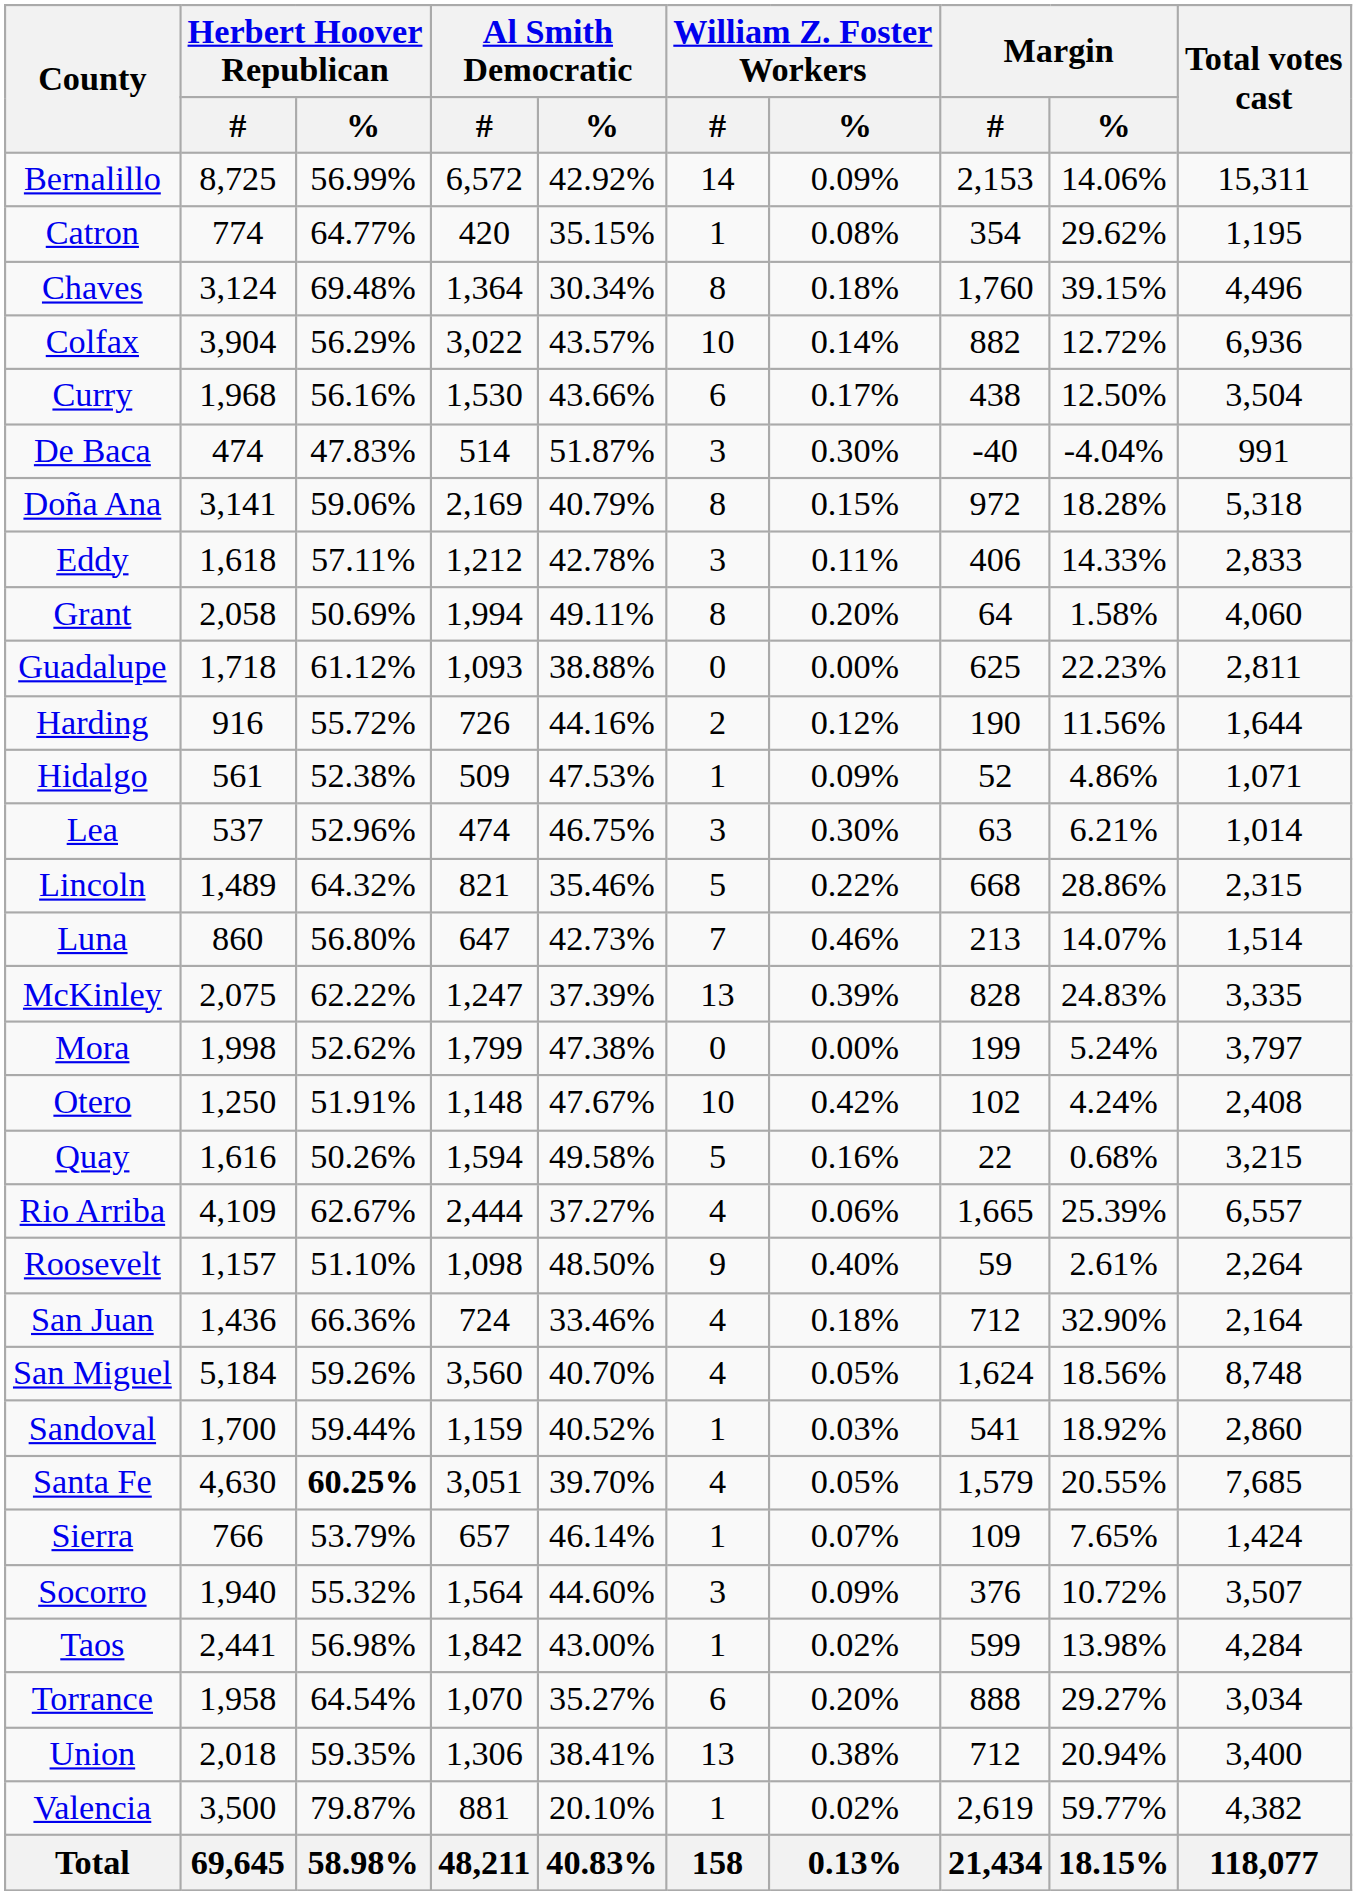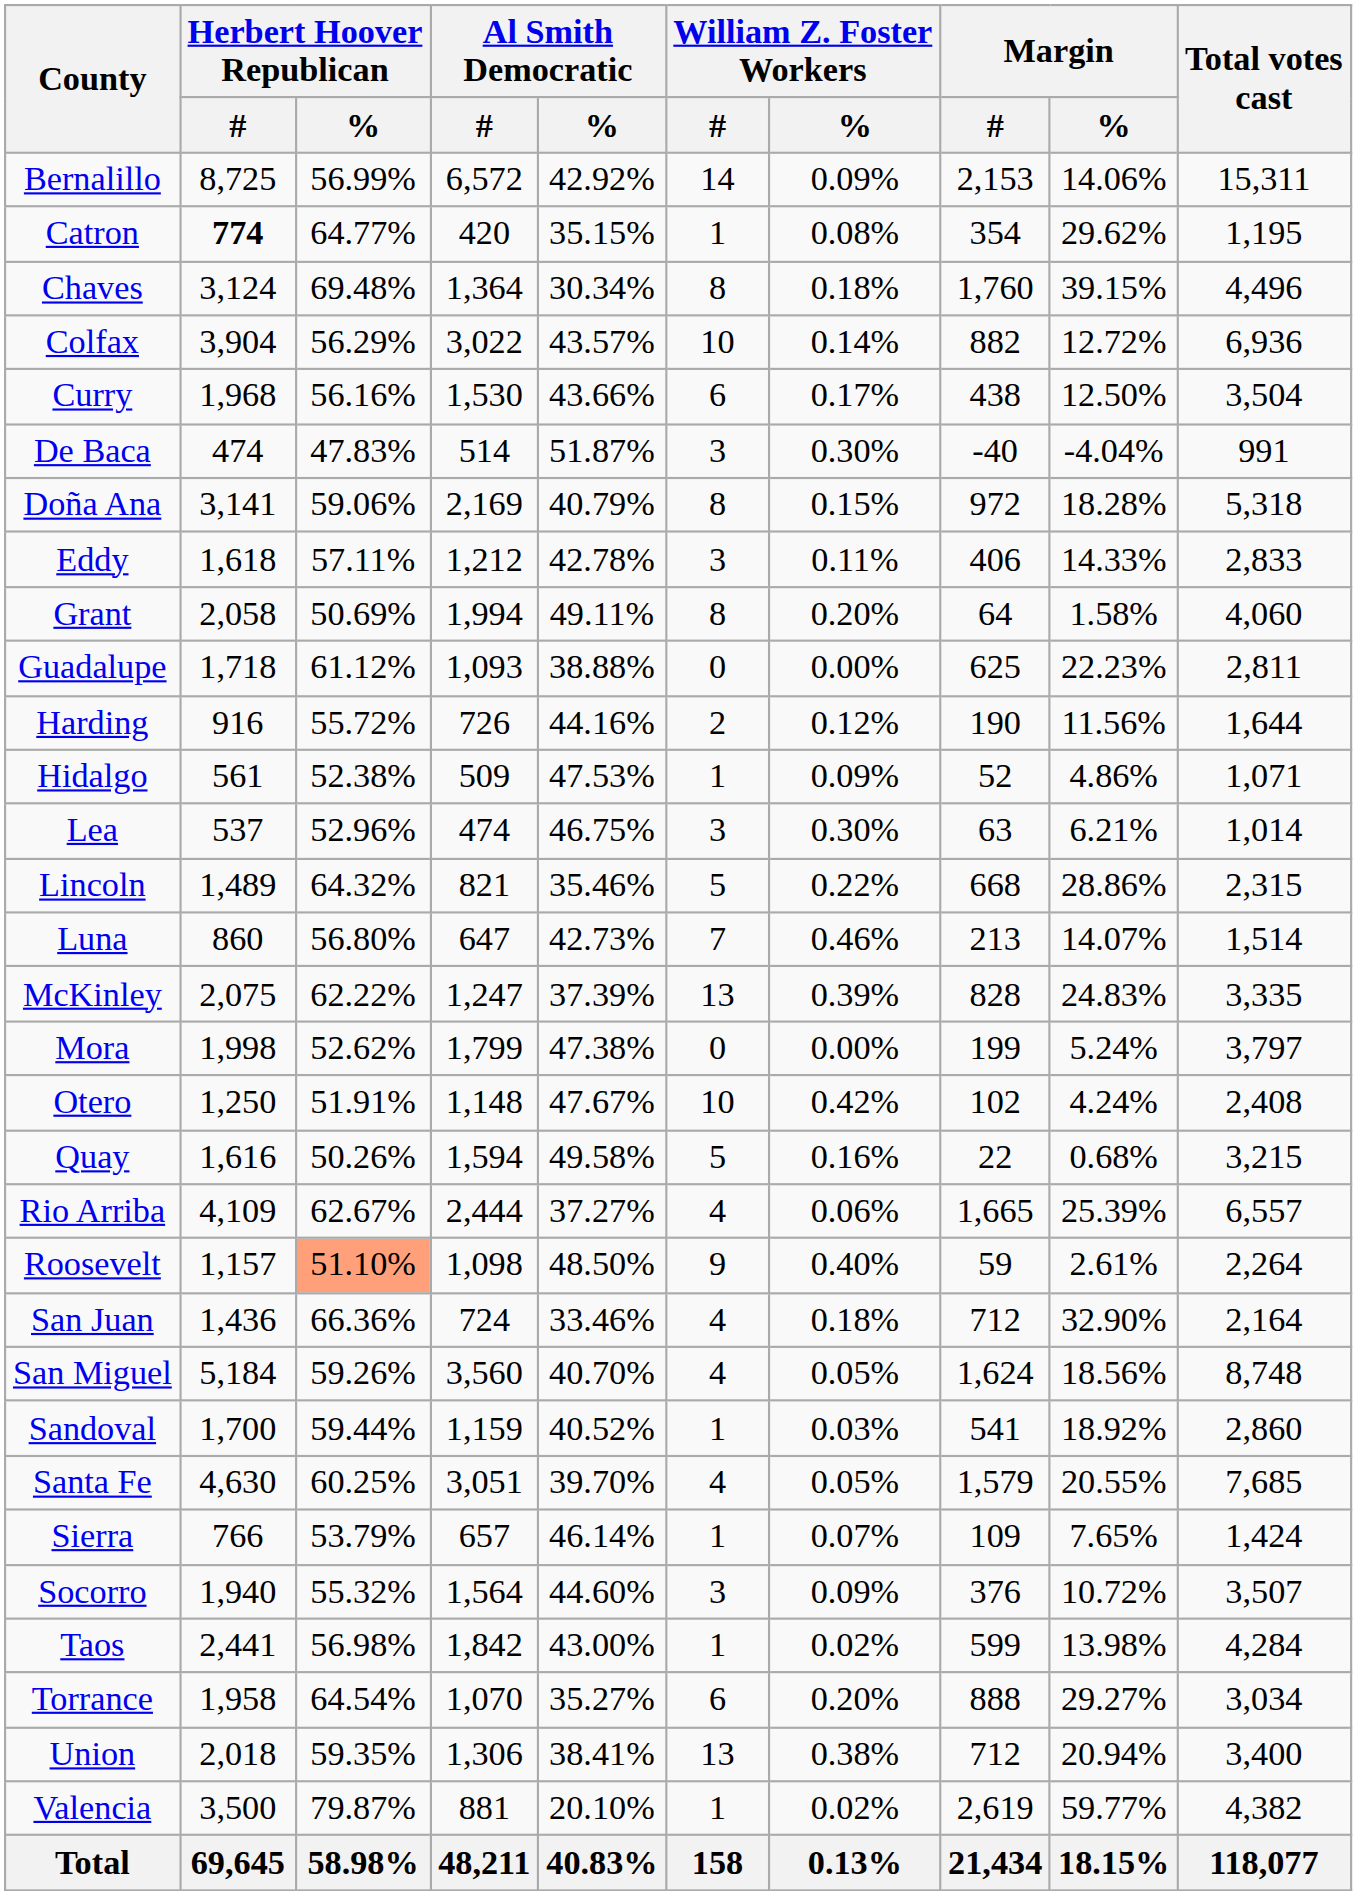 <table class="wikitable sortable" style="text-align:center">
 <tr>
 <th style="text-align:center;" rowspan="2">County</th>
 <th style="text-align:center;" colspan="2"><a href='#'>Herbert Hoover</a><br>Republican</th>
 <th style="text-align:center;" colspan="2"><a href='#'>Al Smith</a><br>Democratic</th>
 <th style="text-align:center;" colspan="2"><a href='#'>William Z. Foster</a><br>Workers</th>
 <th style="text-align:center;" colspan="2">Margin</th>
 <th style="text-align:center;" rowspan="2">Total votes<br> cast</th>
 </tr>
 <tr>
 <th style="text-align:center;" data-sort-type="number">#</th>
 <th style="text-align:center;" data-sort-type="number">%</th>
 <th style="text-align:center;" data-sort-type="number">#</th>
 <th style="text-align:center;" data-sort-type="number">%</th>
 <th style="text-align:center;" data-sort-type="number">#</th>
 <th style="text-align:center;" data-sort-type="number">%</th>
 <th style="text-align:center;" data-sort-type="number">#</th>
 <th style="text-align:center;" data-sort-type="number">%</th>
 </tr>
 <tr style="text-align:center;">
 <td><a href='#'>Bernalillo</a></td>
 <td>8,725</td>
 <td>56.99%</td>
 <td>6,572</td>
 <td>42.92%</td>
 <td>14</td>
 <td>0.09%</td>
 <td>2,153</td>
 <td>14.06%</td>
 <td>15,311</td>
 </tr>
 <tr style="text-align:center;">
 <td><a href='#'>Catron</a></td>
-<td>774</td>
+<td><strong>774</strong></td>
 <td>64.77%</td>
 <td>420</td>
 <td>35.15%</td>
 <td>1</td>
 <td>0.08%</td>
 <td>354</td>
 <td>29.62%</td>
 <td>1,195</td>
 </tr>
 <tr style="text-align:center;">
 <td><a href='#'>Chaves</a></td>
 <td>3,124</td>
 <td>69.48%</td>
 <td>1,364</td>
 <td>30.34%</td>
 <td>8</td>
 <td>0.18%</td>
 <td>1,760</td>
 <td>39.15%</td>
 <td>4,496</td>
 </tr>
 <tr style="text-align:center;">
 <td><a href='#'>Colfax</a></td>
 <td>3,904</td>
 <td>56.29%</td>
 <td>3,022</td>
 <td>43.57%</td>
 <td>10</td>
 <td>0.14%</td>
 <td>882</td>
 <td>12.72%</td>
 <td>6,936</td>
 </tr>
 <tr style="text-align:center;">
 <td><a href='#'>Curry</a></td>
 <td>1,968</td>
 <td>56.16%</td>
 <td>1,530</td>
 <td>43.66%</td>
 <td>6</td>
 <td>0.17%</td>
 <td>438</td>
 <td>12.50%</td>
 <td>3,504</td>
 </tr>
 <tr style="text-align:center;">
 <td><a href='#'>De Baca</a></td>
 <td>474</td>
 <td>47.83%</td>
 <td>514</td>
 <td>51.87%</td>
 <td>3</td>
 <td>0.30%</td>
 <td>-40</td>
 <td>-4.04%</td>
 <td>991</td>
 </tr>
 <tr style="text-align:center;">
 <td><a href='#'>Doña Ana</a></td>
 <td>3,141</td>
 <td>59.06%</td>
 <td>2,169</td>
 <td>40.79%</td>
 <td>8</td>
 <td>0.15%</td>
 <td>972</td>
 <td>18.28%</td>
 <td>5,318</td>
 </tr>
 <tr style="text-align:center;">
 <td><a href='#'>Eddy</a></td>
 <td>1,618</td>
 <td>57.11%</td>
 <td>1,212</td>
 <td>42.78%</td>
 <td>3</td>
 <td>0.11%</td>
 <td>406</td>
 <td>14.33%</td>
 <td>2,833</td>
 </tr>
 <tr style="text-align:center;">
 <td><a href='#'>Grant</a></td>
 <td>2,058</td>
 <td>50.69%</td>
 <td>1,994</td>
 <td>49.11%</td>
 <td>8</td>
 <td>0.20%</td>
 <td>64</td>
 <td>1.58%</td>
 <td>4,060</td>
 </tr>
 <tr style="text-align:center;">
 <td><a href='#'>Guadalupe</a></td>
 <td>1,718</td>
 <td>61.12%</td>
 <td>1,093</td>
 <td>38.88%</td>
 <td>0</td>
 <td>0.00%</td>
 <td>625</td>
 <td>22.23%</td>
 <td>2,811</td>
 </tr>
 <tr style="text-align:center;">
 <td><a href='#'>Harding</a></td>
 <td>916</td>
 <td>55.72%</td>
 <td>726</td>
 <td>44.16%</td>
 <td>2</td>
 <td>0.12%</td>
 <td>190</td>
 <td>11.56%</td>
 <td>1,644</td>
 </tr>
 <tr style="text-align:center;">
 <td><a href='#'>Hidalgo</a></td>
 <td>561</td>
 <td>52.38%</td>
 <td>509</td>
 <td>47.53%</td>
 <td>1</td>
 <td>0.09%</td>
 <td>52</td>
 <td>4.86%</td>
 <td>1,071</td>
 </tr>
 <tr style="text-align:center;">
 <td><a href='#'>Lea</a></td>
 <td>537</td>
 <td>52.96%</td>
 <td>474</td>
 <td>46.75%</td>
 <td>3</td>
 <td>0.30%</td>
 <td>63</td>
 <td>6.21%</td>
 <td>1,014</td>
 </tr>
 <tr style="text-align:center;">
 <td><a href='#'>Lincoln</a></td>
 <td>1,489</td>
 <td>64.32%</td>
 <td>821</td>
 <td>35.46%</td>
 <td>5</td>
 <td>0.22%</td>
 <td>668</td>
 <td>28.86%</td>
 <td>2,315</td>
 </tr>
 <tr style="text-align:center;">
 <td><a href='#'>Luna</a></td>
 <td>860</td>
 <td>56.80%</td>
 <td>647</td>
 <td>42.73%</td>
 <td>7</td>
 <td>0.46%</td>
 <td>213</td>
 <td>14.07%</td>
 <td>1,514</td>
 </tr>
 <tr style="text-align:center;">
 <td><a href='#'>McKinley</a></td>
 <td>2,075</td>
 <td>62.22%</td>
 <td>1,247</td>
 <td>37.39%</td>
 <td>13</td>
 <td>0.39%</td>
 <td>828</td>
 <td>24.83%</td>
 <td>3,335</td>
 </tr>
 <tr style="text-align:center;">
 <td><a href='#'>Mora</a></td>
 <td>1,998</td>
 <td>52.62%</td>
 <td>1,799</td>
 <td>47.38%</td>
 <td>0</td>
 <td>0.00%</td>
 <td>199</td>
 <td>5.24%</td>
 <td>3,797</td>
 </tr>
 <tr style="text-align:center;">
 <td><a href='#'>Otero</a></td>
 <td>1,250</td>
 <td>51.91%</td>
 <td>1,148</td>
 <td>47.67%</td>
 <td>10</td>
 <td>0.42%</td>
 <td>102</td>
 <td>4.24%</td>
 <td>2,408</td>
 </tr>
 <tr style="text-align:center;">
 <td><a href='#'>Quay</a></td>
 <td>1,616</td>
 <td>50.26%</td>
 <td>1,594</td>
 <td>49.58%</td>
 <td>5</td>
 <td>0.16%</td>
 <td>22</td>
 <td>0.68%</td>
 <td>3,215</td>
 </tr>
 <tr style="text-align:center;">
 <td><a href='#'>Rio Arriba</a></td>
 <td>4,109</td>
 <td>62.67%</td>
 <td>2,444</td>
 <td>37.27%</td>
 <td>4</td>
 <td>0.06%</td>
 <td>1,665</td>
 <td>25.39%</td>
 <td>6,557</td>
 </tr>
 <tr style="text-align:center;">
 <td><a href='#'>Roosevelt</a></td>
 <td>1,157</td>
-<td>51.10%</td>
+<td style="background: lightsalmon;">51.10%</td>
 <td>1,098</td>
 <td>48.50%</td>
 <td>9</td>
 <td>0.40%</td>
 <td>59</td>
 <td>2.61%</td>
 <td>2,264</td>
 </tr>
 <tr style="text-align:center;">
 <td><a href='#'>San Juan</a></td>
 <td>1,436</td>
 <td>66.36%</td>
 <td>724</td>
 <td>33.46%</td>
 <td>4</td>
 <td>0.18%</td>
 <td>712</td>
 <td>32.90%</td>
 <td>2,164</td>
 </tr>
 <tr style="text-align:center;">
 <td><a href='#'>San Miguel</a></td>
 <td>5,184</td>
 <td>59.26%</td>
 <td>3,560</td>
 <td>40.70%</td>
 <td>4</td>
 <td>0.05%</td>
 <td>1,624</td>
 <td>18.56%</td>
 <td>8,748</td>
 </tr>
 <tr style="text-align:center;">
 <td><a href='#'>Sandoval</a></td>
 <td>1,700</td>
 <td>59.44%</td>
 <td>1,159</td>
 <td>40.52%</td>
 <td>1</td>
 <td>0.03%</td>
 <td>541</td>
 <td>18.92%</td>
 <td>2,860</td>
 </tr>
 <tr style="text-align:center;">
 <td><a href='#'>Santa Fe</a></td>
 <td>4,630</td>
-<td><strong>60.25%</strong></td>
+<td>60.25%</td>
 <td>3,051</td>
 <td>39.70%</td>
 <td>4</td>
 <td>0.05%</td>
 <td>1,579</td>
 <td>20.55%</td>
 <td>7,685</td>
 </tr>
 <tr style="text-align:center;">
 <td><a href='#'>Sierra</a></td>
 <td>766</td>
 <td>53.79%</td>
 <td>657</td>
 <td>46.14%</td>
 <td>1</td>
 <td>0.07%</td>
 <td>109</td>
 <td>7.65%</td>
 <td>1,424</td>
 </tr>
 <tr style="text-align:center;">
 <td><a href='#'>Socorro</a></td>
 <td>1,940</td>
 <td>55.32%</td>
 <td>1,564</td>
 <td>44.60%</td>
 <td>3</td>
 <td>0.09%</td>
 <td>376</td>
 <td>10.72%</td>
 <td>3,507</td>
 </tr>
 <tr style="text-align:center;">
 <td><a href='#'>Taos</a></td>
 <td>2,441</td>
 <td>56.98%</td>
 <td>1,842</td>
 <td>43.00%</td>
 <td>1</td>
 <td>0.02%</td>
 <td>599</td>
 <td>13.98%</td>
 <td>4,284</td>
 </tr>
 <tr style="text-align:center;">
 <td><a href='#'>Torrance</a></td>
 <td>1,958</td>
 <td>64.54%</td>
 <td>1,070</td>
 <td>35.27%</td>
 <td>6</td>
 <td>0.20%</td>
 <td>888</td>
 <td>29.27%</td>
 <td>3,034</td>
 </tr>
 <tr style="text-align:center;">
 <td><a href='#'>Union</a></td>
 <td>2,018</td>
 <td>59.35%</td>
 <td>1,306</td>
 <td>38.41%</td>
 <td>13</td>
 <td>0.38%</td>
 <td>712</td>
 <td>20.94%</td>
 <td>3,400</td>
 </tr>
 <tr style="text-align:center;">
 <td><a href='#'>Valencia</a></td>
 <td>3,500</td>
 <td>79.87%</td>
 <td>881</td>
 <td>20.10%</td>
 <td>1</td>
 <td>0.02%</td>
 <td>2,619</td>
 <td>59.77%</td>
 <td>4,382</td>
 </tr>
 <tr style="text-align:center;">
 <th>Total</th>
 <th>69,645</th>
 <th>58.98%</th>
 <th>48,211</th>
 <th>40.83%</th>
 <th>158</th>
 <th>0.13%</th>
 <th>21,434</th>
 <th>18.15%</th>
 <th>118,077</th>
 </tr>
 </table>
